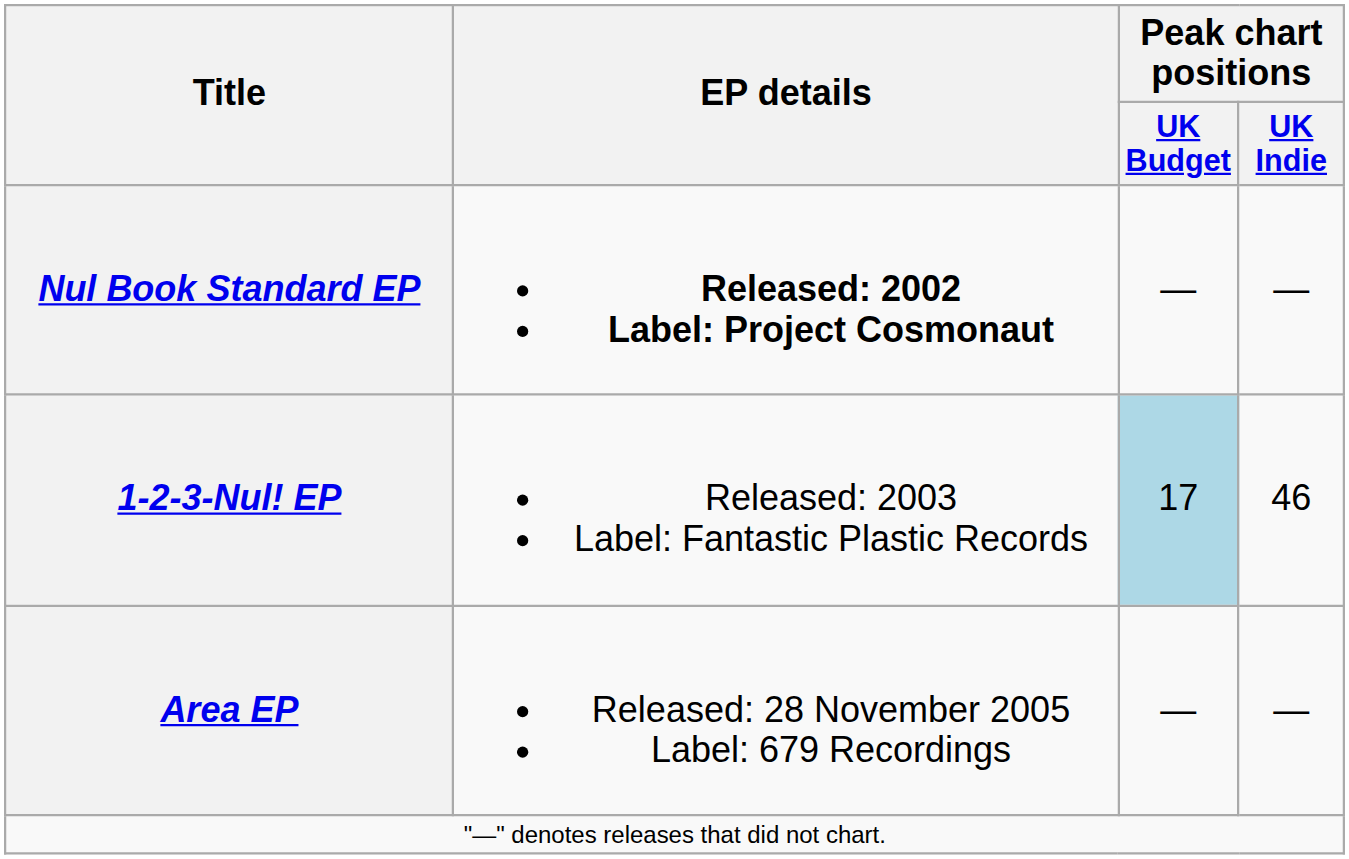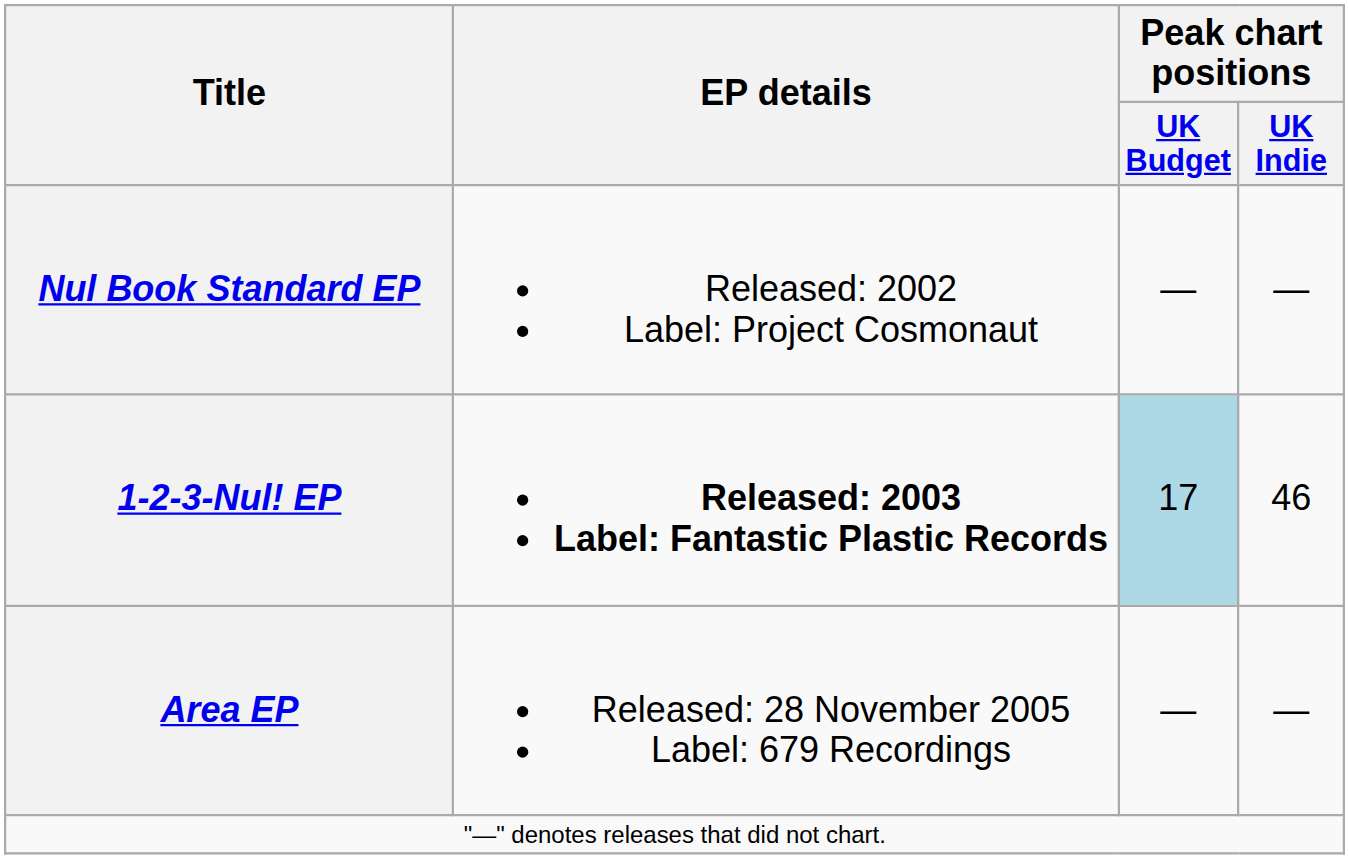 <table class="wikitable plainrowheaders" style="text-align:center;">
 <tr>
 <th scope="col" rowspan="2" style="width:12em;">Title</th>
 <th scope="col" rowspan="2" style="width:18em;">EP details</th>
 <th scope="col" colspan="2">Peak chart positions</th>
 </tr>
 <tr>
 <th scope="col" style="width:3em;font-size:85%;"><a href='#'>UK<br>Budget</a><br></th>
 <th scope="col" style="width:3em;font-size:85%;"><a href='#'>UK<br>Indie</a><br></th>
 </tr>
 <tr>
 <th scope="row"><em><a href='#'>Nul Book Standard EP</a></em></th>
-<td><strong><br><ul><li>Released: 2002</li><li>Label: Project Cosmonaut</li></ul></strong></td>
+<td><br><ul><li>Released: 2002</li><li>Label: Project Cosmonaut</li></ul></td>
 <td>—</td>
 <td>—</td>
 </tr>
 <tr>
 <th scope="row"><em><a href='#'>1-2-3-Nul! EP</a></em></th>
-<td><br><ul><li>Released: 2003</li><li>Label: Fantastic Plastic Records</li></ul></td>
+<td><strong><br><ul><li>Released: 2003</li><li>Label: Fantastic Plastic Records</li></ul></strong></td>
 <td style="background: lightblue;">17</td>
 <td>46</td>
 </tr>
 <tr>
 <th scope="row"><em><a href='#'>Area EP</a></em></th>
 <td><br><ul><li>Released: 28 November 2005</li><li>Label: 679 Recordings</li></ul></td>
 <td>—</td>
 <td>—</td>
 </tr>
 <tr>
 <td align="center" colspan="9" style="font-size: 8pt">"—" denotes releases that did not chart.</td>
 </tr>
 </table>
